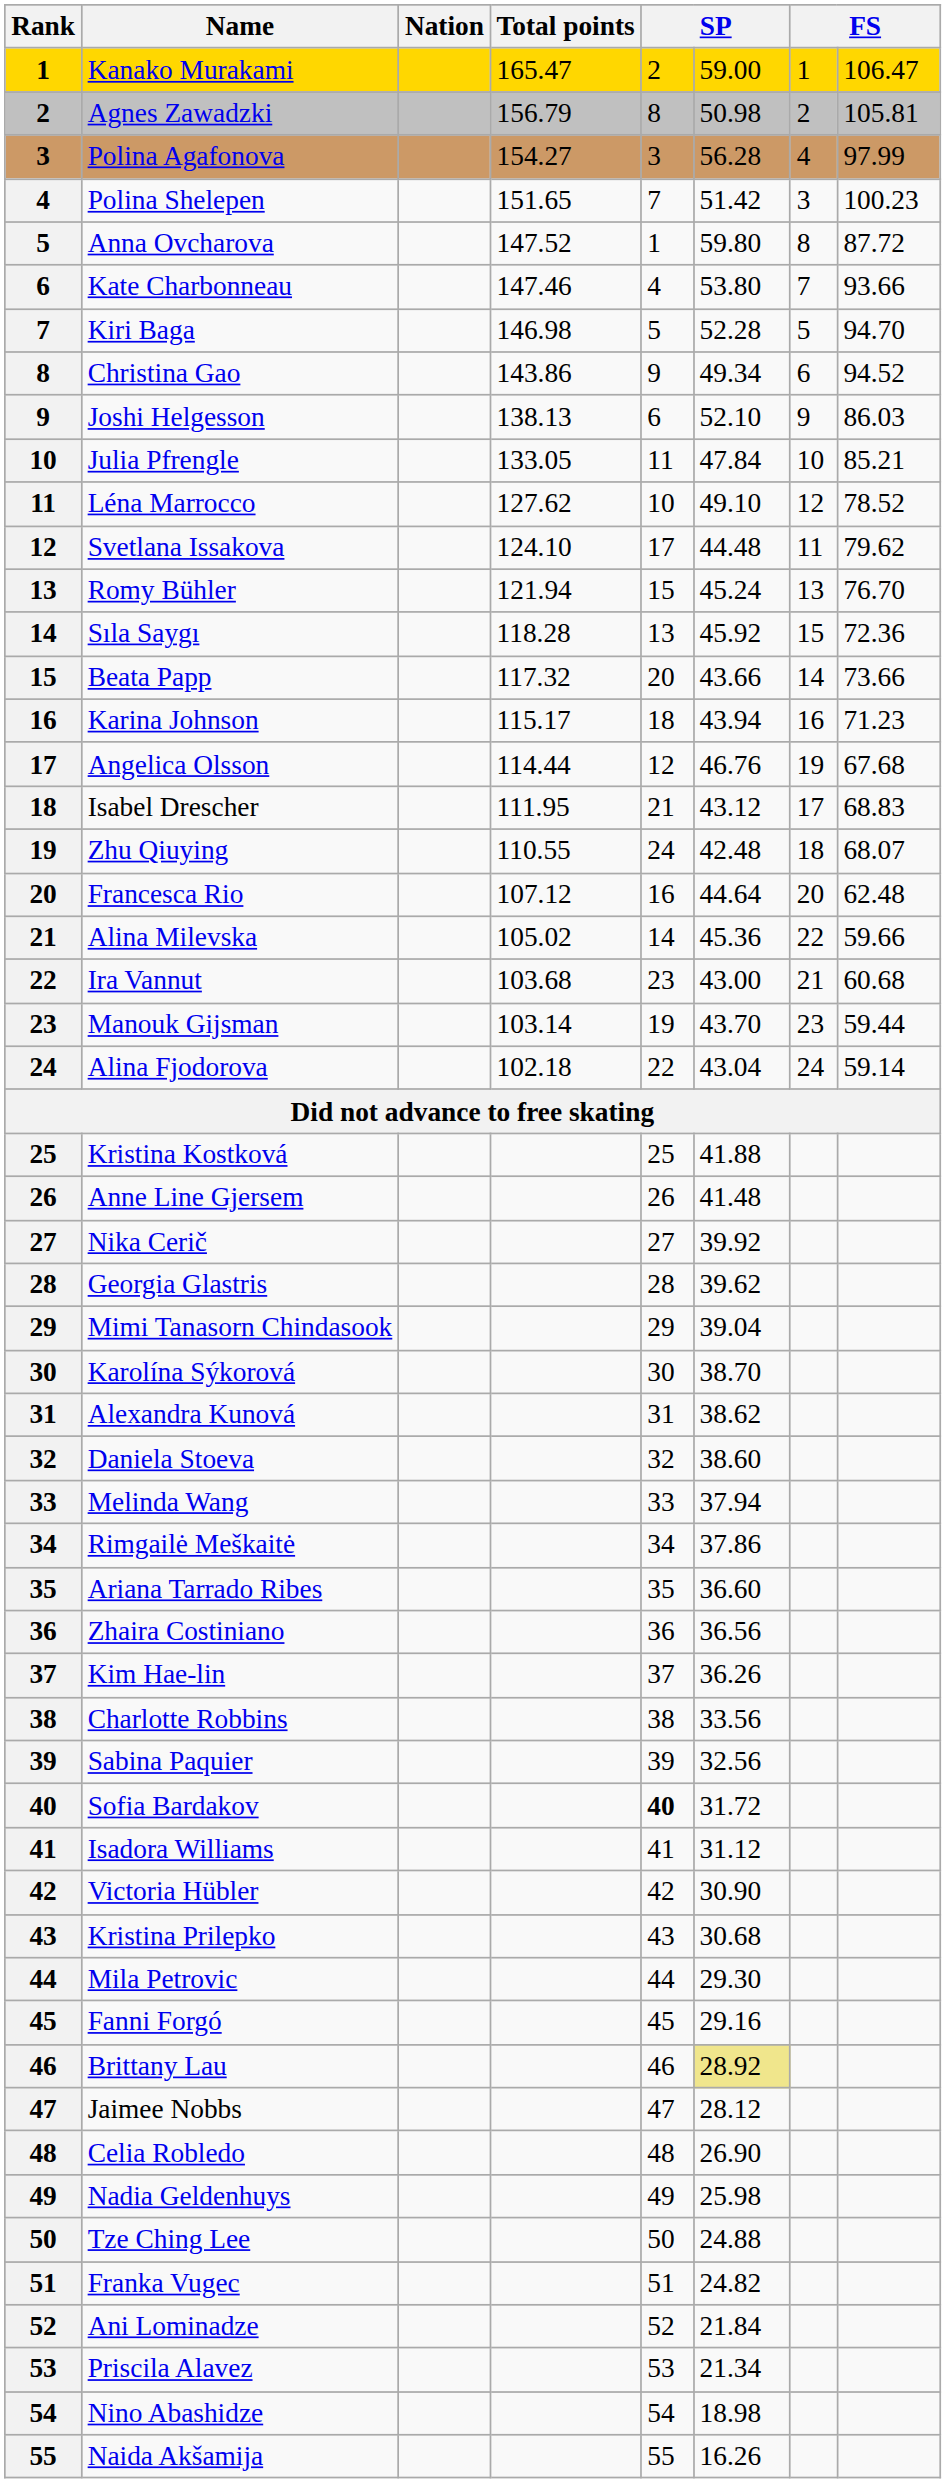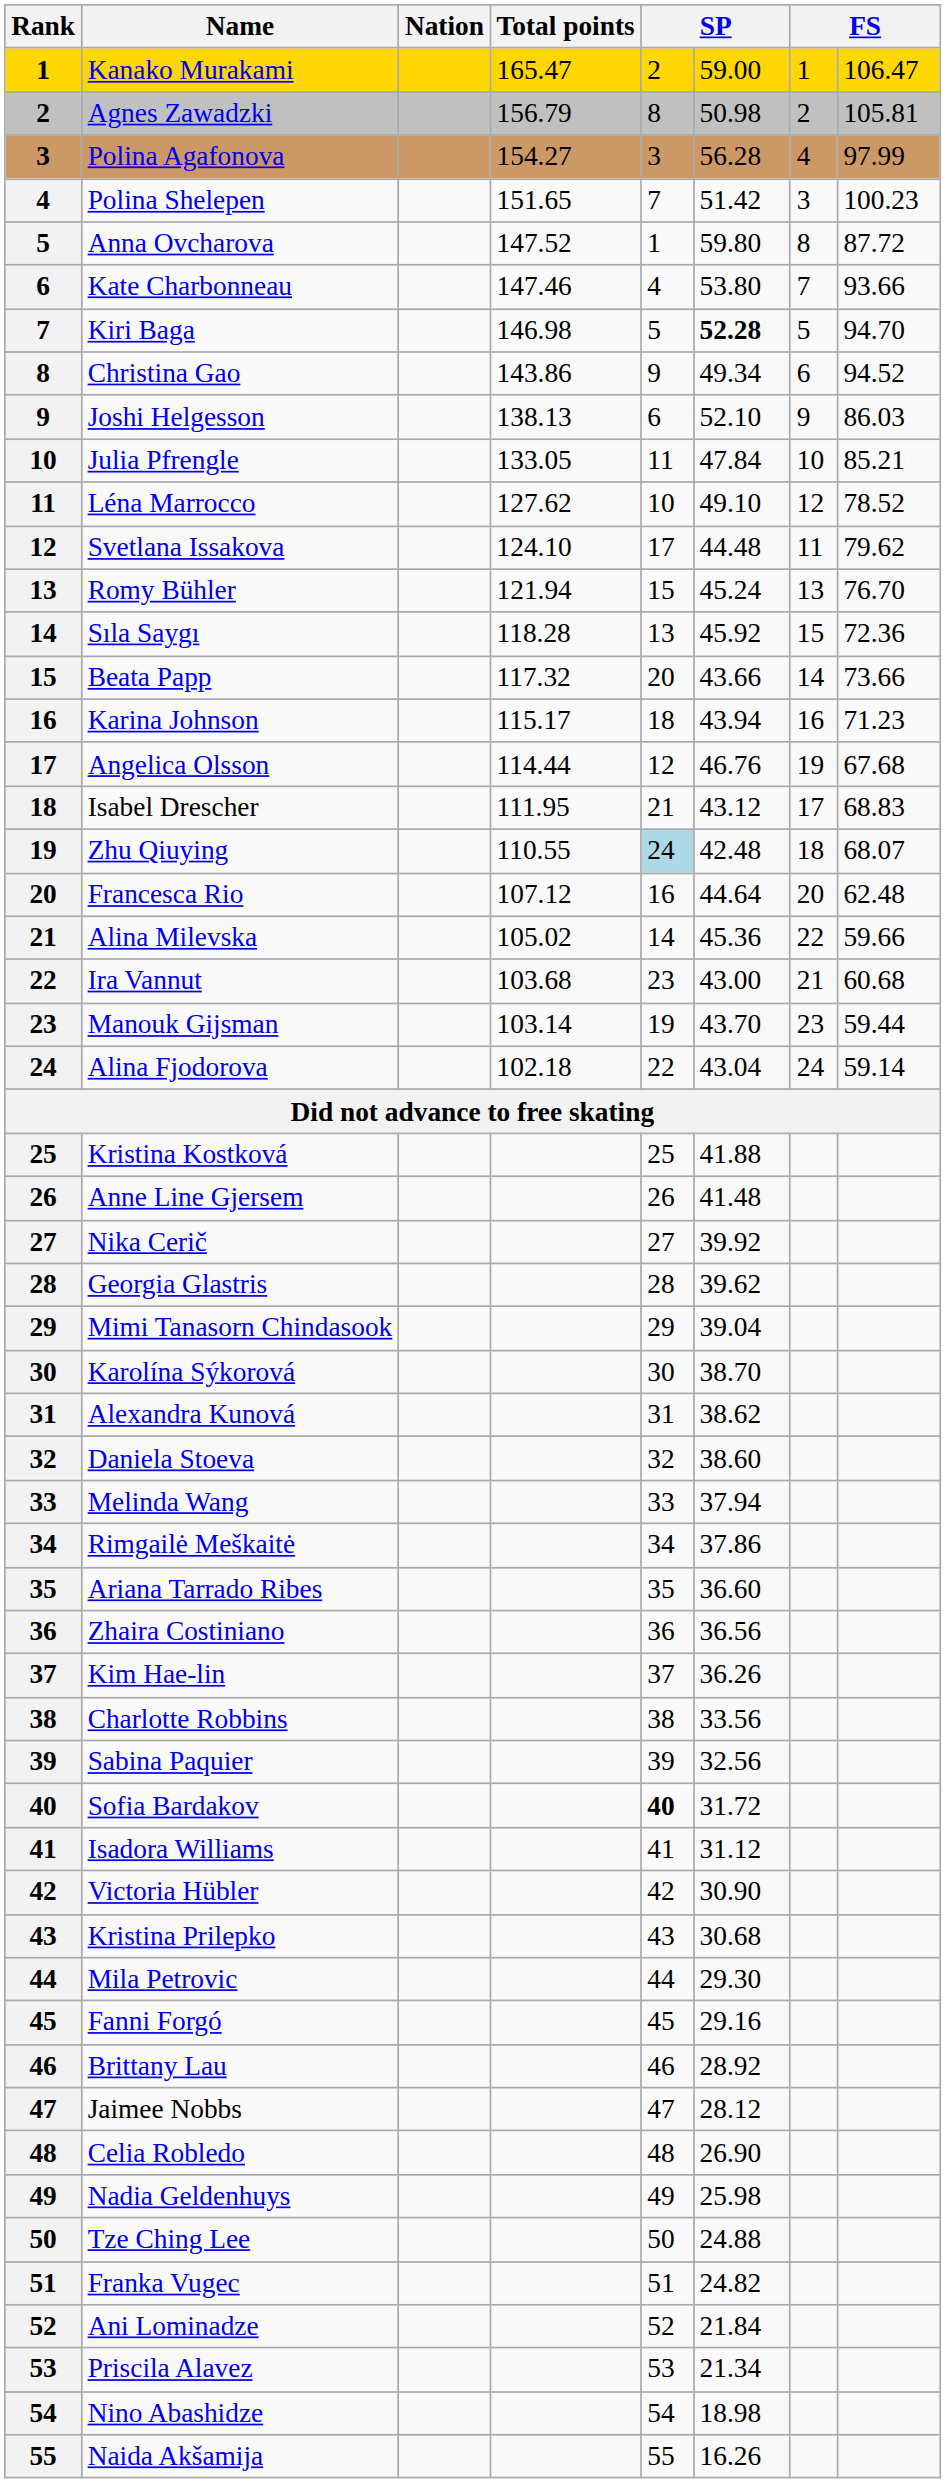 <table class="wikitable sortable">
 <tr>
 <th>Rank</th>
 <th>Name</th>
 <th>Nation</th>
 <th>Total points</th>
 <th colspan="2" width="80px"><a href='#'>SP</a></th>
 <th colspan="2" width="80px"><a href='#'>FS</a></th>
 </tr>
 <tr bgcolor=gold>
 <td align=center><strong>1</strong></td>
 <td><a href='#'>Kanako Murakami</a></td>
 <td></td>
 <td>165.47</td>
 <td>2</td>
 <td>59.00</td>
 <td>1</td>
 <td>106.47</td>
 </tr>
 <tr bgcolor=silver>
 <td align=center><strong>2</strong></td>
 <td><a href='#'>Agnes Zawadzki</a></td>
 <td></td>
 <td>156.79</td>
 <td>8</td>
 <td>50.98</td>
 <td>2</td>
 <td>105.81</td>
 </tr>
 <tr bgcolor=cc9966>
 <td align=center><strong>3</strong></td>
 <td><a href='#'>Polina Agafonova</a></td>
 <td></td>
 <td>154.27</td>
 <td>3</td>
 <td>56.28</td>
 <td>4</td>
 <td>97.99</td>
 </tr>
 <tr>
 <th>4</th>
 <td><a href='#'>Polina Shelepen</a></td>
 <td></td>
 <td>151.65</td>
 <td>7</td>
 <td>51.42</td>
 <td>3</td>
 <td>100.23</td>
 </tr>
 <tr>
 <th>5</th>
 <td><a href='#'>Anna Ovcharova</a></td>
 <td></td>
 <td>147.52</td>
 <td>1</td>
 <td>59.80</td>
 <td>8</td>
 <td>87.72</td>
 </tr>
 <tr>
 <th>6</th>
 <td><a href='#'>Kate Charbonneau</a></td>
 <td></td>
 <td>147.46</td>
 <td>4</td>
 <td>53.80</td>
 <td>7</td>
 <td>93.66</td>
 </tr>
 <tr>
 <th>7</th>
 <td><a href='#'>Kiri Baga</a></td>
 <td></td>
 <td>146.98</td>
 <td>5</td>
-<td>52.28</td>
+<td><strong>52.28</strong></td>
 <td>5</td>
 <td>94.70</td>
 </tr>
 <tr>
 <th>8</th>
 <td><a href='#'>Christina Gao</a></td>
 <td></td>
 <td>143.86</td>
 <td>9</td>
 <td>49.34</td>
 <td>6</td>
 <td>94.52</td>
 </tr>
 <tr>
 <th>9</th>
 <td><a href='#'>Joshi Helgesson</a></td>
 <td></td>
 <td>138.13</td>
 <td>6</td>
 <td>52.10</td>
 <td>9</td>
 <td>86.03</td>
 </tr>
 <tr>
 <th>10</th>
 <td><a href='#'>Julia Pfrengle</a></td>
 <td></td>
 <td>133.05</td>
 <td>11</td>
 <td>47.84</td>
 <td>10</td>
 <td>85.21</td>
 </tr>
 <tr>
 <th>11</th>
 <td><a href='#'>Léna Marrocco</a></td>
 <td></td>
 <td>127.62</td>
 <td>10</td>
 <td>49.10</td>
 <td>12</td>
 <td>78.52</td>
 </tr>
 <tr>
 <th>12</th>
 <td><a href='#'>Svetlana Issakova</a></td>
 <td></td>
 <td>124.10</td>
 <td>17</td>
 <td>44.48</td>
 <td>11</td>
 <td>79.62</td>
 </tr>
 <tr>
 <th>13</th>
 <td><a href='#'>Romy Bühler</a></td>
 <td></td>
 <td>121.94</td>
 <td>15</td>
 <td>45.24</td>
 <td>13</td>
 <td>76.70</td>
 </tr>
 <tr>
 <th>14</th>
 <td><a href='#'>Sıla Saygı</a></td>
 <td></td>
 <td>118.28</td>
 <td>13</td>
 <td>45.92</td>
 <td>15</td>
 <td>72.36</td>
 </tr>
 <tr>
 <th>15</th>
 <td><a href='#'>Beata Papp</a></td>
 <td></td>
 <td>117.32</td>
 <td>20</td>
 <td>43.66</td>
 <td>14</td>
 <td>73.66</td>
 </tr>
 <tr>
 <th>16</th>
 <td><a href='#'>Karina Johnson</a></td>
 <td></td>
 <td>115.17</td>
 <td>18</td>
 <td>43.94</td>
 <td>16</td>
 <td>71.23</td>
 </tr>
 <tr>
 <th>17</th>
 <td><a href='#'>Angelica Olsson</a></td>
 <td></td>
 <td>114.44</td>
 <td>12</td>
 <td>46.76</td>
 <td>19</td>
 <td>67.68</td>
 </tr>
 <tr>
 <th>18</th>
 <td>Isabel Drescher</td>
 <td></td>
 <td>111.95</td>
 <td>21</td>
 <td>43.12</td>
 <td>17</td>
 <td>68.83</td>
 </tr>
 <tr>
 <th>19</th>
 <td><a href='#'>Zhu Qiuying</a></td>
 <td></td>
 <td>110.55</td>
-<td>24</td>
+<td style="background: lightblue;">24</td>
 <td>42.48</td>
 <td>18</td>
 <td>68.07</td>
 </tr>
 <tr>
 <th>20</th>
 <td><a href='#'>Francesca Rio</a></td>
 <td></td>
 <td>107.12</td>
 <td>16</td>
 <td>44.64</td>
 <td>20</td>
 <td>62.48</td>
 </tr>
 <tr>
 <th>21</th>
 <td><a href='#'>Alina Milevska</a></td>
 <td></td>
 <td>105.02</td>
 <td>14</td>
 <td>45.36</td>
 <td>22</td>
 <td>59.66</td>
 </tr>
 <tr>
 <th>22</th>
 <td><a href='#'>Ira Vannut</a></td>
 <td></td>
 <td>103.68</td>
 <td>23</td>
 <td>43.00</td>
 <td>21</td>
 <td>60.68</td>
 </tr>
 <tr>
 <th>23</th>
 <td><a href='#'>Manouk Gijsman</a></td>
 <td></td>
 <td>103.14</td>
 <td>19</td>
 <td>43.70</td>
 <td>23</td>
 <td>59.44</td>
 </tr>
 <tr>
 <th>24</th>
 <td><a href='#'>Alina Fjodorova</a></td>
 <td></td>
 <td>102.18</td>
 <td>22</td>
 <td>43.04</td>
 <td>24</td>
 <td>59.14</td>
 </tr>
 <tr>
 <th colspan=8>Did not advance to free skating</th>
 </tr>
 <tr>
 <th>25</th>
 <td><a href='#'>Kristina Kostková</a></td>
 <td></td>
 <td></td>
 <td>25</td>
 <td>41.88</td>
 <td></td>
 <td></td>
 </tr>
 <tr>
 <th>26</th>
 <td><a href='#'>Anne Line Gjersem</a></td>
 <td></td>
 <td></td>
 <td>26</td>
 <td>41.48</td>
 <td></td>
 <td></td>
 </tr>
 <tr>
 <th>27</th>
 <td><a href='#'>Nika Cerič</a></td>
 <td></td>
 <td></td>
 <td>27</td>
 <td>39.92</td>
 <td></td>
 <td></td>
 </tr>
 <tr>
 <th>28</th>
 <td><a href='#'>Georgia Glastris</a></td>
 <td></td>
 <td></td>
 <td>28</td>
 <td>39.62</td>
 <td></td>
 <td></td>
 </tr>
 <tr>
 <th>29</th>
 <td><a href='#'>Mimi Tanasorn Chindasook</a></td>
 <td></td>
 <td></td>
 <td>29</td>
 <td>39.04</td>
 <td></td>
 <td></td>
 </tr>
 <tr>
 <th>30</th>
 <td><a href='#'>Karolína Sýkorová</a></td>
 <td></td>
 <td></td>
 <td>30</td>
 <td>38.70</td>
 <td></td>
 <td></td>
 </tr>
 <tr>
 <th>31</th>
 <td><a href='#'>Alexandra Kunová</a></td>
 <td></td>
 <td></td>
 <td>31</td>
 <td>38.62</td>
 <td></td>
 <td></td>
 </tr>
 <tr>
 <th>32</th>
 <td><a href='#'>Daniela Stoeva</a></td>
 <td></td>
 <td></td>
 <td>32</td>
 <td>38.60</td>
 <td></td>
 <td></td>
 </tr>
 <tr>
 <th>33</th>
 <td><a href='#'>Melinda Wang</a></td>
 <td></td>
 <td></td>
 <td>33</td>
 <td>37.94</td>
 <td></td>
 <td></td>
 </tr>
 <tr>
 <th>34</th>
 <td><a href='#'>Rimgailė Meškaitė</a></td>
 <td></td>
 <td></td>
 <td>34</td>
 <td>37.86</td>
 <td></td>
 <td></td>
 </tr>
 <tr>
 <th>35</th>
 <td><a href='#'>Ariana Tarrado Ribes</a></td>
 <td></td>
 <td></td>
 <td>35</td>
 <td>36.60</td>
 <td></td>
 <td></td>
 </tr>
 <tr>
 <th>36</th>
 <td><a href='#'>Zhaira Costiniano</a></td>
 <td></td>
 <td></td>
 <td>36</td>
 <td>36.56</td>
 <td></td>
 <td></td>
 </tr>
 <tr>
 <th>37</th>
 <td><a href='#'>Kim Hae-lin</a></td>
 <td></td>
 <td></td>
 <td>37</td>
 <td>36.26</td>
 <td></td>
 <td></td>
 </tr>
 <tr>
 <th>38</th>
 <td><a href='#'>Charlotte Robbins</a></td>
 <td></td>
 <td></td>
 <td>38</td>
 <td>33.56</td>
 <td></td>
 <td></td>
 </tr>
 <tr>
 <th>39</th>
 <td><a href='#'>Sabina Paquier</a></td>
 <td></td>
 <td></td>
 <td>39</td>
 <td>32.56</td>
 <td></td>
 <td></td>
 </tr>
 <tr>
 <th>40</th>
 <td><a href='#'>Sofia Bardakov</a></td>
 <td></td>
 <td></td>
 <td><strong>40</strong></td>
 <td>31.72</td>
 <td></td>
 <td></td>
 </tr>
 <tr>
 <th>41</th>
 <td><a href='#'>Isadora Williams</a></td>
 <td></td>
 <td></td>
 <td>41</td>
 <td>31.12</td>
 <td></td>
 <td></td>
 </tr>
 <tr>
 <th>42</th>
 <td><a href='#'>Victoria Hübler</a></td>
 <td></td>
 <td></td>
 <td>42</td>
 <td>30.90</td>
 <td></td>
 <td></td>
 </tr>
 <tr>
 <th>43</th>
 <td><a href='#'>Kristina Prilepko</a></td>
 <td></td>
 <td></td>
 <td>43</td>
 <td>30.68</td>
 <td></td>
 <td></td>
 </tr>
 <tr>
 <th>44</th>
 <td><a href='#'>Mila Petrovic</a></td>
 <td></td>
 <td></td>
 <td>44</td>
 <td>29.30</td>
 <td></td>
 <td></td>
 </tr>
 <tr>
 <th>45</th>
 <td><a href='#'>Fanni Forgó</a></td>
 <td></td>
 <td></td>
 <td>45</td>
 <td>29.16</td>
 <td></td>
 <td></td>
 </tr>
 <tr>
 <th>46</th>
 <td><a href='#'>Brittany Lau</a></td>
 <td></td>
 <td></td>
 <td>46</td>
-<td style="background: khaki;">28.92</td>
+<td>28.92</td>
 <td></td>
 <td></td>
 </tr>
 <tr>
 <th>47</th>
 <td>Jaimee Nobbs</td>
 <td></td>
 <td></td>
 <td>47</td>
 <td>28.12</td>
 <td></td>
 <td></td>
 </tr>
 <tr>
 <th>48</th>
 <td><a href='#'>Celia Robledo</a></td>
 <td></td>
 <td></td>
 <td>48</td>
 <td>26.90</td>
 <td></td>
 <td></td>
 </tr>
 <tr>
 <th>49</th>
 <td><a href='#'>Nadia Geldenhuys</a></td>
 <td></td>
 <td></td>
 <td>49</td>
 <td>25.98</td>
 <td></td>
 <td></td>
 </tr>
 <tr>
 <th>50</th>
 <td><a href='#'>Tze Ching Lee</a></td>
 <td></td>
 <td></td>
 <td>50</td>
 <td>24.88</td>
 <td></td>
 <td></td>
 </tr>
 <tr>
 <th>51</th>
 <td><a href='#'>Franka Vugec</a></td>
 <td></td>
 <td></td>
 <td>51</td>
 <td>24.82</td>
 <td></td>
 <td></td>
 </tr>
 <tr>
 <th>52</th>
 <td><a href='#'>Ani Lominadze</a></td>
 <td></td>
 <td></td>
 <td>52</td>
 <td>21.84</td>
 <td></td>
 <td></td>
 </tr>
 <tr>
 <th>53</th>
 <td><a href='#'>Priscila Alavez</a></td>
 <td></td>
 <td></td>
 <td>53</td>
 <td>21.34</td>
 <td></td>
 <td></td>
 </tr>
 <tr>
 <th>54</th>
 <td><a href='#'>Nino Abashidze</a></td>
 <td></td>
 <td></td>
 <td>54</td>
 <td>18.98</td>
 <td></td>
 <td></td>
 </tr>
 <tr>
 <th>55</th>
 <td><a href='#'>Naida Akšamija</a></td>
 <td></td>
 <td></td>
 <td>55</td>
 <td>16.26</td>
 <td></td>
 <td></td>
 </tr>
 </table>
